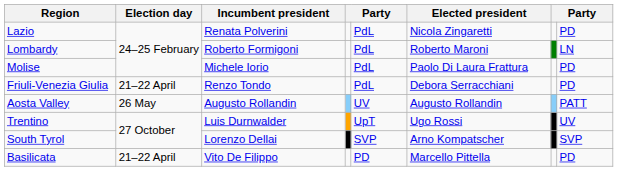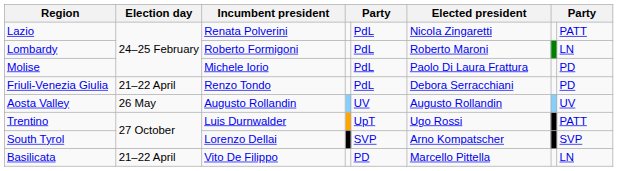 <table class="wikitable sortable" style="valign:top;">
 <tr>
 <th style="width:150px;">Region</th>
 <th>Election day</th>
 <th style="width:195px;">Incumbent president</th>
 <th colspan=2 style="width:80px;">Party</th>
 <th style="width:195px;">Elected president</th>
 <th colspan=2 style="width:80px;">Party</th>
 </tr>
 <tr>
 <td><a href='#'>Lazio</a></td>
 <td rowspan=3>24–25 February</td>
 <td><a href='#'>Renata Polverini</a></td>
 <td width="1"></td>
 <td align="left"><a href='#'>PdL</a></td>
 <td><a href='#'>Nicola Zingaretti</a></td>
 <td width="1"></td>
-<td align="left"><a href='#'>PD</a></td>
+<td align="left"><a href='#'>PATT</a></td>
 </tr>
 <tr>
 <td><a href='#'>Lombardy</a></td>
 <td><a href='#'>Roberto Formigoni</a></td>
 <td width="1"></td>
 <td align="left"><a href='#'>PdL</a></td>
 <td><a href='#'>Roberto Maroni</a></td>
 <td width="1" bgcolor="#008000"></td>
 <td align="left"><a href='#'>LN</a></td>
 </tr>
 <tr>
 <td><a href='#'>Molise</a></td>
 <td><a href='#'>Michele Iorio</a></td>
 <td width="1"></td>
 <td align="left"><a href='#'>PdL</a></td>
 <td><a href='#'>Paolo Di Laura Frattura</a></td>
 <td width="1"></td>
 <td align="left"><a href='#'>PD</a></td>
 </tr>
 <tr>
 <td><a href='#'>Friuli-Venezia Giulia</a></td>
 <td>21–22 April</td>
 <td><a href='#'>Renzo Tondo</a></td>
 <td width="1"></td>
 <td align="left"><a href='#'>PdL</a></td>
 <td><a href='#'>Debora Serracchiani</a></td>
 <td width="1"></td>
 <td align="left"><a href='#'>PD</a></td>
 </tr>
 <tr>
 <td><a href='#'>Aosta Valley</a></td>
 <td>26 May</td>
 <td><a href='#'>Augusto Rollandin</a></td>
 <td width="1" bgcolor=#87CEFA></td>
 <td align="left"><a href='#'>UV</a></td>
 <td><a href='#'>Augusto Rollandin</a></td>
 <td width="1" bgcolor=#87CEFA></td>
-<td align="left"><a href='#'>PATT</a></td>
+<td align="left"><a href='#'>UV</a></td>
 </tr>
 <tr>
 <td><a href='#'>Trentino</a></td>
 <td rowspan=2>27 October</td>
 <td><a href='#'>Luis Durnwalder</a></td>
 <td width="1" bgcolor=orange></td>
 <td align="left"><a href='#'>UpT</a></td>
 <td><a href='#'>Ugo Rossi</a></td>
 <td width="1" bgcolor=black></td>
-<td align="left"><a href='#'>UV</a></td>
+<td align="left"><a href='#'>PATT</a></td>
 </tr>
 <tr>
 <td><a href='#'>South Tyrol</a></td>
 <td><a href='#'>Lorenzo Dellai</a></td>
 <td width="1" bgcolor=black></td>
 <td align="left"><a href='#'>SVP</a></td>
 <td><a href='#'>Arno Kompatscher</a></td>
 <td width="1" bgcolor=black></td>
 <td align="left"><a href='#'>SVP</a></td>
 </tr>
 <tr>
 <td><a href='#'>Basilicata</a></td>
 <td>21–22 April</td>
 <td><a href='#'>Vito De Filippo</a></td>
 <td width="1"></td>
 <td align="left"><a href='#'>PD</a></td>
 <td><a href='#'>Marcello Pittella</a></td>
 <td width="1"></td>
-<td align="left"><a href='#'>PD</a></td>
+<td align="left"><a href='#'>LN</a></td>
 </tr>
 </table>
